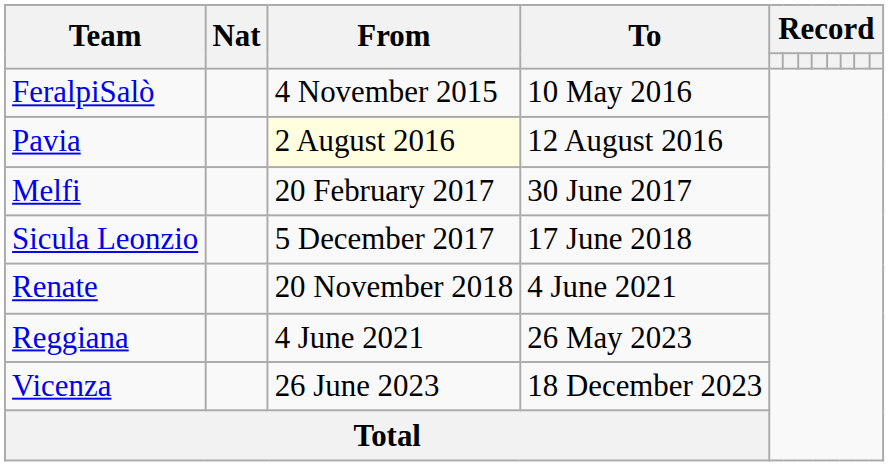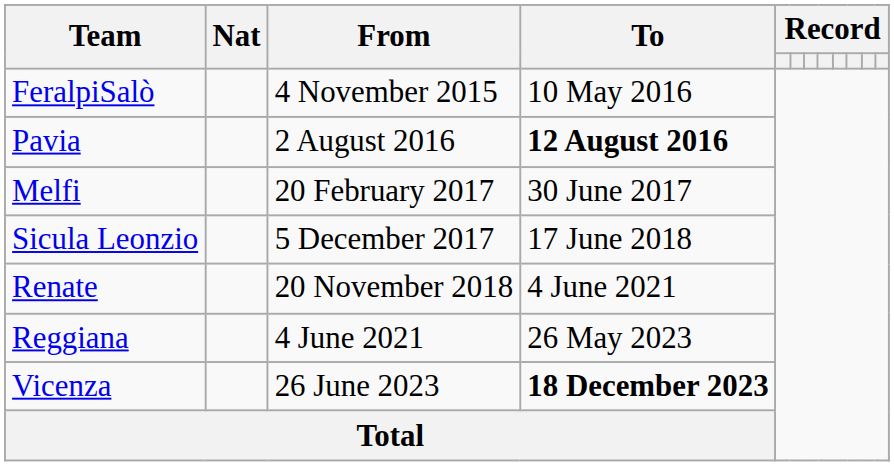 <table class=wikitable style="text-align: center">
 <tr>
 <th rowspan="2">Team</th>
 <th rowspan="2">Nat</th>
 <th rowspan="2">From</th>
 <th rowspan="2">To</th>
 <th colspan="8">Record</th>
 </tr>
 <tr>
 <th></th>
 <th></th>
 <th></th>
 <th></th>
 <th></th>
 <th></th>
 <th></th>
 <th></th>
 </tr>
 <tr>
 <td align=left><a href='#'>FeralpiSalò</a></td>
 <td></td>
 <td align=left>4 November 2015</td>
 <td align=left>10 May 2016<br></td>
 </tr>
 <tr>
 <td align=left><a href='#'>Pavia</a></td>
 <td></td>
-<td align=left style="background: lightyellow;">2 August 2016</td>
-<td align=left>12 August 2016<br></td>
+<td align=left>2 August 2016</td>
+<td align=left><strong>12 August 2016<br></strong></td>
 </tr>
 <tr>
 <td align=left><a href='#'>Melfi</a></td>
 <td></td>
 <td align=left>20 February 2017</td>
 <td align=left>30 June 2017<br></td>
 </tr>
 <tr>
 <td align=left><a href='#'>Sicula Leonzio</a></td>
 <td></td>
 <td align=left>5 December 2017</td>
 <td align=left>17 June 2018<br></td>
 </tr>
 <tr>
 <td align=left><a href='#'>Renate</a></td>
 <td></td>
 <td align=left>20 November 2018</td>
 <td align=left>4 June 2021<br></td>
 </tr>
 <tr>
 <td align=left><a href='#'>Reggiana</a></td>
 <td></td>
 <td align=left>4 June 2021</td>
 <td align=left>26 May 2023<br></td>
 </tr>
 <tr>
 <td align=left><a href='#'>Vicenza</a></td>
 <td></td>
 <td align=left>26 June 2023</td>
-<td align=left>18 December 2023<br></td>
+<td align=left><strong>18 December 2023<br></strong></td>
 </tr>
 <tr>
 <th colspan=4>Total<br></th>
 </tr>
 </table>
